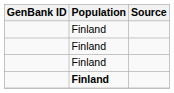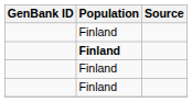 <table class="wikitable sortable">
 <tr>
 <th scope="col">GenBank ID</th>
 <th scope="col">Population</th>
 <th scope="col">Source</th>
 </tr>
 <tr>
 <td></td>
 <td>Finland</td>
 <td></td>
 </tr>
 <tr>
 <td></td>
+<td><strong>Finland</strong></td>
+<td></td>
+</tr>
+<tr>
+<td></td>
 <td>Finland</td>
 <td></td>
 </tr>
 <tr>
 <td></td>
 <td>Finland</td>
 <td></td>
 </tr>
 <tr>
-<td></td>
-<td><strong>Finland</strong></td>
-<td></td>
-</tr>
-<tr>
 </tr>
 </table>
